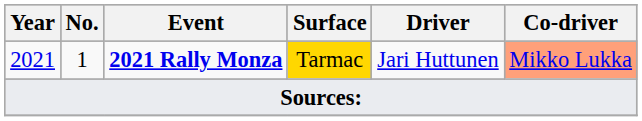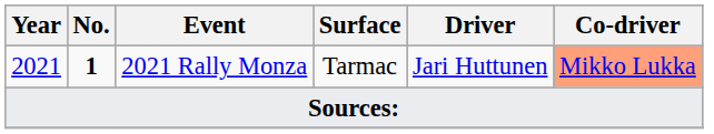 <table class="wikitable" style="font-size: 85%; ">
 <tr>
 <th>Year</th>
 <th>No.</th>
 <th>Event</th>
 <th>Surface</th>
 <th>Driver</th>
 <th>Co-driver</th>
 </tr>
 <tr>
 <td align="center"><a href='#'>2021</a></td>
-<td align="center">1</td>
-<td><strong> <a href='#'>2021 Rally Monza</a></strong></td>
-<td align="center" style="background: gold;">Tarmac</td>
+<td align="center"><strong>1</strong></td>
+<td> <a href='#'>2021 Rally Monza</a></td>
+<td align="center">Tarmac</td>
 <td> <a href='#'>Jari Huttunen</a></td>
 <td style="background: lightsalmon;"> <a href='#'>Mikko Lukka</a></td>
 </tr>
 <tr>
 <td colspan="6" style="background-color:#EAECF0;text-align:center"><strong>Sources:</strong></td>
 </tr>
 <tr>
 </tr>
 </table>
